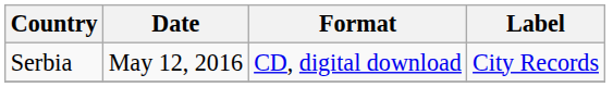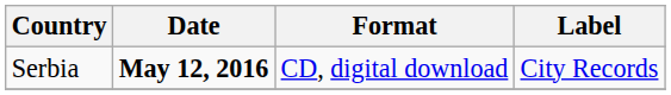 <table class="wikitable plainrowheaders">
 <tr>
 <th scope="col">Country</th>
 <th scope="col">Date</th>
 <th scope="col">Format</th>
 <th scope="col">Label</th>
 </tr>
 <tr>
 <td>Serbia</td>
-<td>May 12, 2016</td>
+<td><strong>May 12, 2016</strong></td>
 <td><a href='#'>CD</a>, <a href='#'>digital download</a></td>
 <td><a href='#'>City Records</a></td>
 </tr>
 <tr>
 </tr>
 </table>
